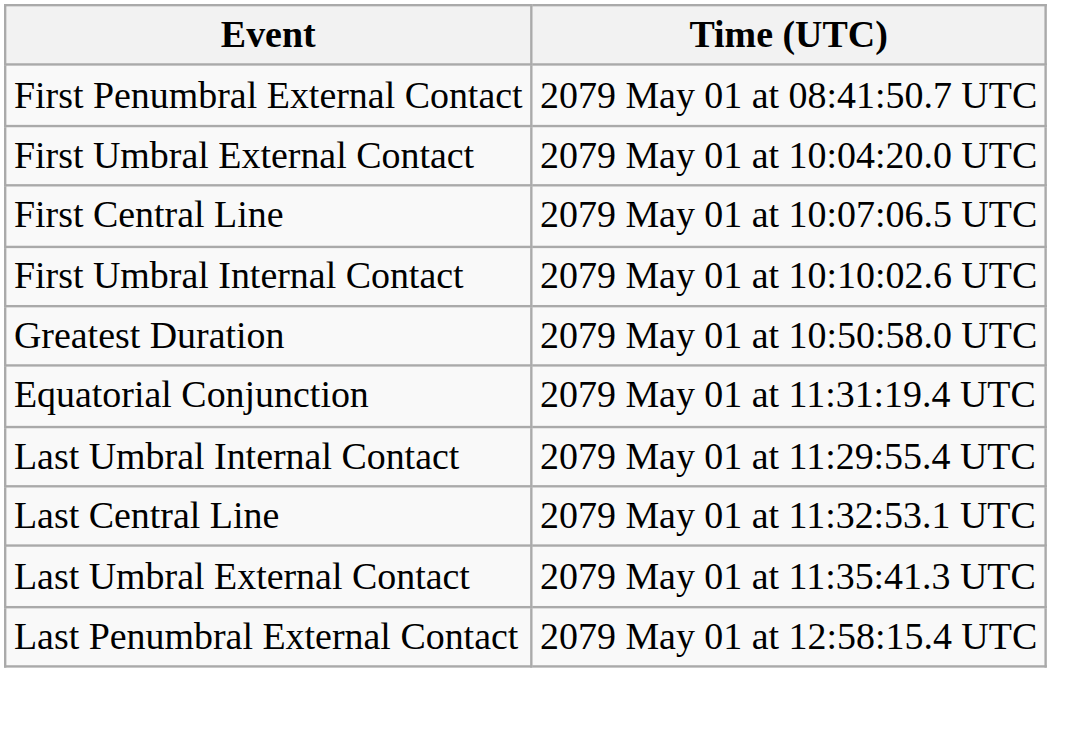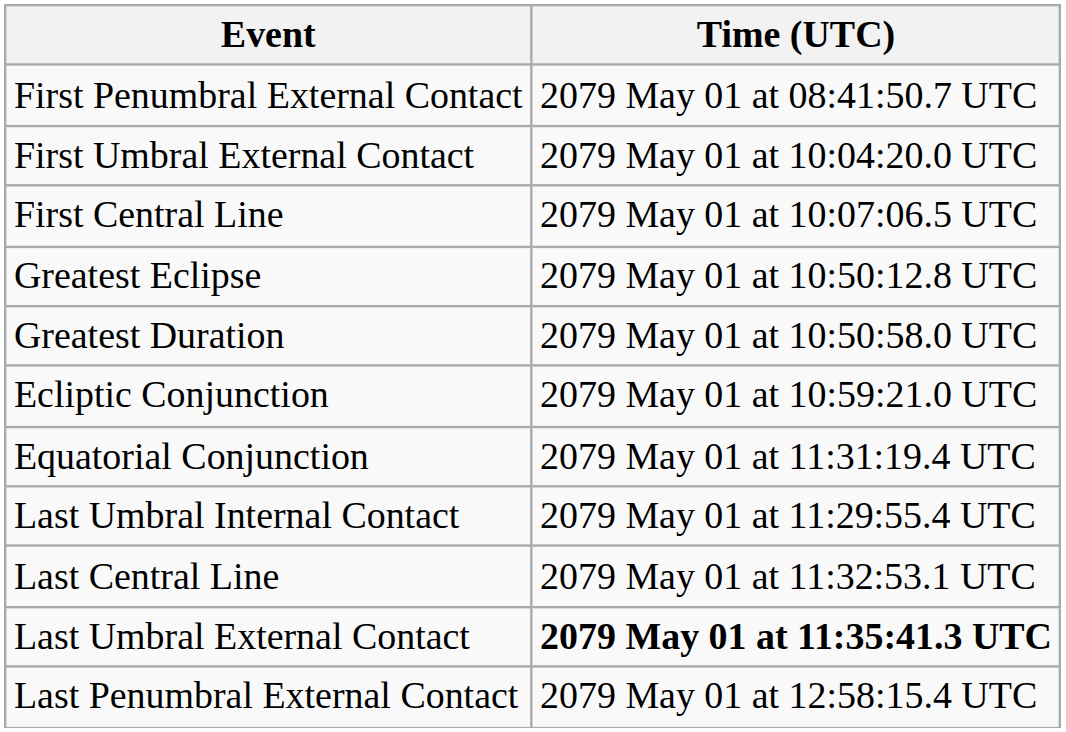 <table class="wikitable">
 <tr>
 <th>Event</th>
 <th>Time (UTC)</th>
 </tr>
 <tr>
 <td>First Penumbral External Contact</td>
 <td>2079 May 01 at 08:41:50.7 UTC</td>
 </tr>
 <tr>
 <td>First Umbral External Contact</td>
 <td>2079 May 01 at 10:04:20.0 UTC</td>
 </tr>
 <tr>
 <td>First Central Line</td>
 <td>2079 May 01 at 10:07:06.5 UTC</td>
 </tr>
 <tr>
-<td>First Umbral Internal Contact</td>
-<td>2079 May 01 at 10:10:02.6 UTC</td>
+<td>Greatest Eclipse</td>
+<td>2079 May 01 at 10:50:12.8 UTC</td>
 </tr>
 <tr>
 <td>Greatest Duration</td>
 <td>2079 May 01 at 10:50:58.0 UTC</td>
+</tr>
+<tr>
+<td>Ecliptic Conjunction</td>
+<td>2079 May 01 at 10:59:21.0 UTC</td>
 </tr>
 <tr>
 <td>Equatorial Conjunction</td>
 <td>2079 May 01 at 11:31:19.4 UTC</td>
 </tr>
 <tr>
 <td>Last Umbral Internal Contact</td>
 <td>2079 May 01 at 11:29:55.4 UTC</td>
 </tr>
 <tr>
 <td>Last Central Line</td>
 <td>2079 May 01 at 11:32:53.1 UTC</td>
 </tr>
 <tr>
 <td>Last Umbral External Contact</td>
-<td>2079 May 01 at 11:35:41.3 UTC</td>
+<td><strong>2079 May 01 at 11:35:41.3 UTC</strong></td>
 </tr>
 <tr>
 <td>Last Penumbral External Contact</td>
 <td>2079 May 01 at 12:58:15.4 UTC</td>
 </tr>
 </table>
